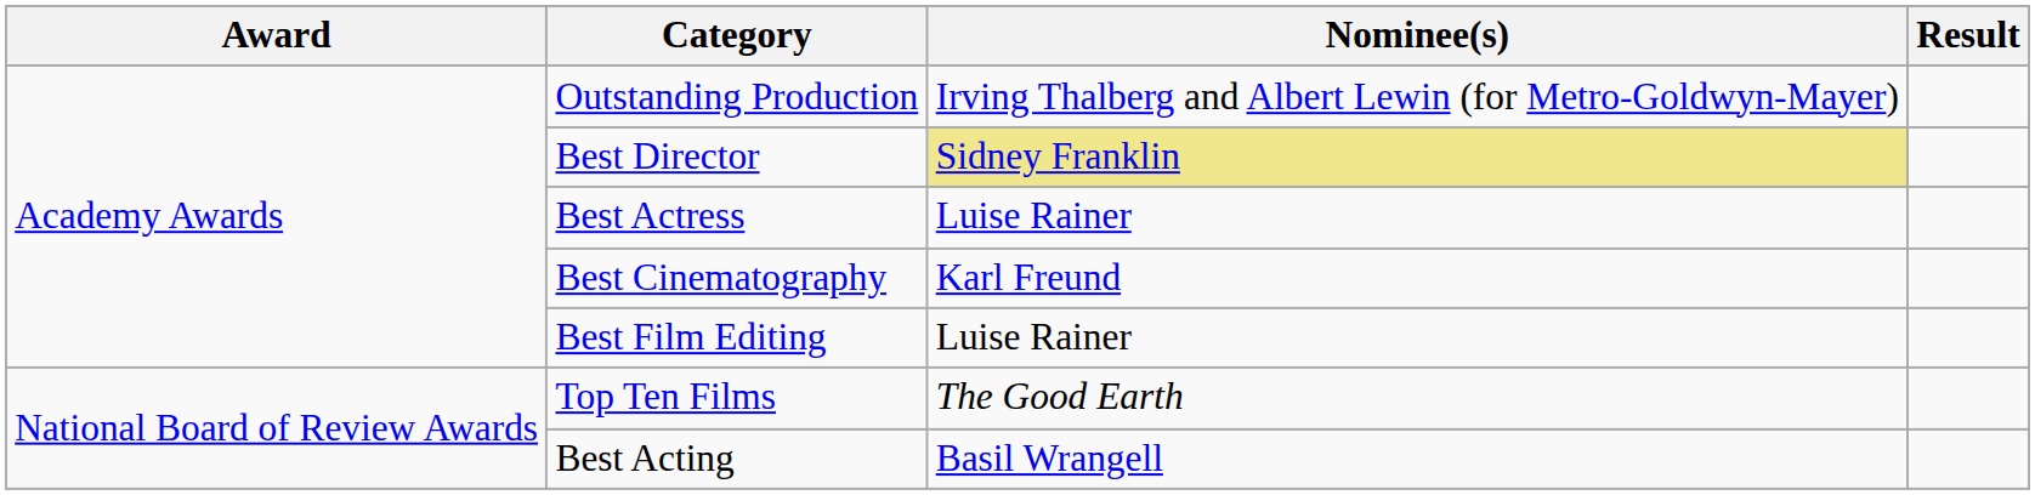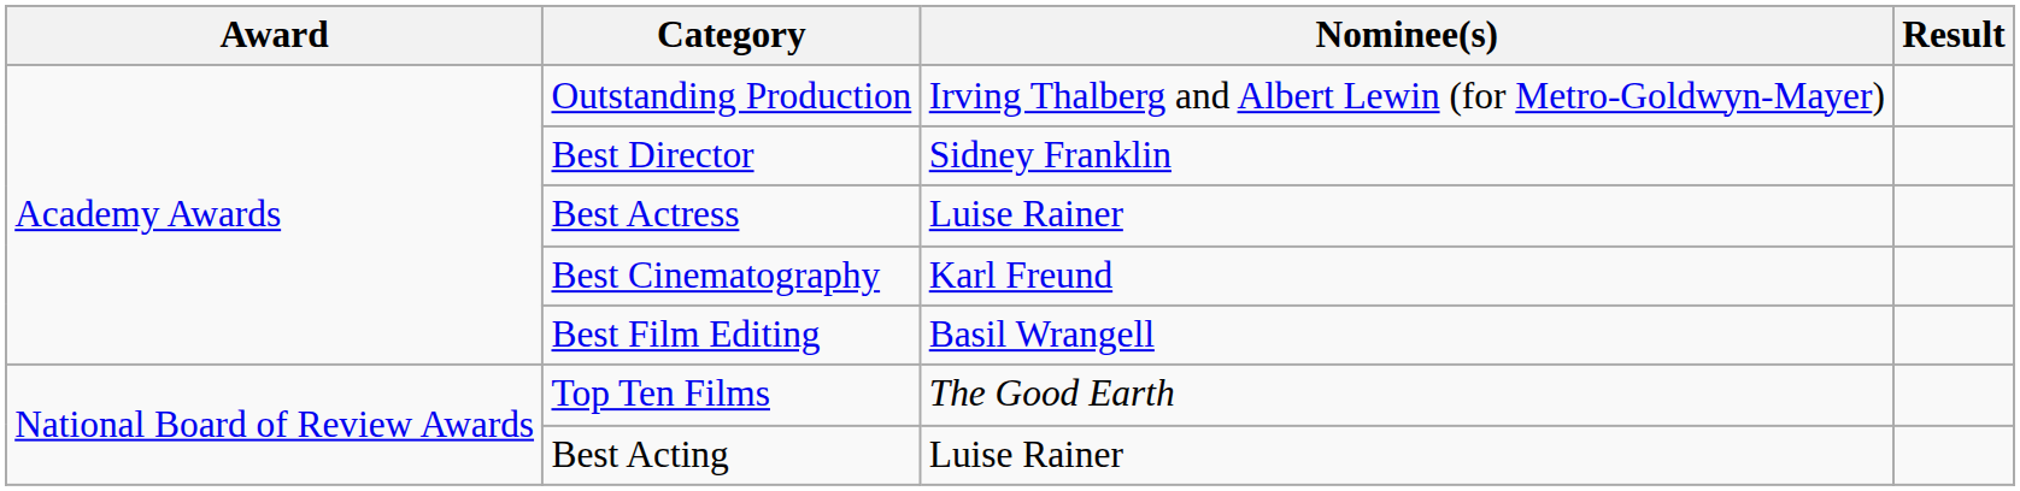 <table class="wikitable plainrowheaders">
 <tr>
 <th>Award</th>
 <th>Category</th>
 <th>Nominee(s)</th>
 <th>Result</th>
 </tr>
 <tr>
 <td rowspan="5"><a href='#'>Academy Awards</a></td>
 <td><a href='#'>Outstanding Production</a></td>
 <td><a href='#'>Irving Thalberg</a> and <a href='#'>Albert Lewin</a> (for <a href='#'>Metro-Goldwyn-Mayer</a>)</td>
 <td></td>
 </tr>
 <tr>
 <td><a href='#'>Best Director</a></td>
-<td style="background: khaki;"><a href='#'>Sidney Franklin</a></td>
+<td><a href='#'>Sidney Franklin</a></td>
 <td></td>
 </tr>
 <tr>
 <td><a href='#'>Best Actress</a></td>
 <td><a href='#'>Luise Rainer</a></td>
 <td></td>
 </tr>
 <tr>
 <td><a href='#'>Best Cinematography</a></td>
 <td><a href='#'>Karl Freund</a></td>
 <td></td>
 </tr>
 <tr>
 <td><a href='#'>Best Film Editing</a></td>
-<td>Luise Rainer</td>
+<td><a href='#'>Basil Wrangell</a></td>
 <td></td>
 </tr>
 <tr>
 <td rowspan="2"><a href='#'>National Board of Review Awards</a></td>
 <td><a href='#'>Top Ten Films</a></td>
 <td><em>The Good Earth</em></td>
 <td></td>
 </tr>
 <tr>
 <td>Best Acting</td>
-<td><a href='#'>Basil Wrangell</a></td>
+<td>Luise Rainer</td>
 <td></td>
 </tr>
 </table>
